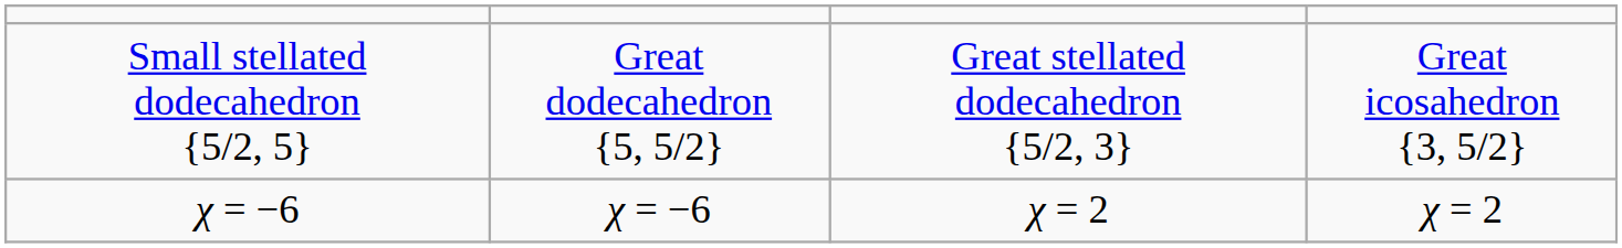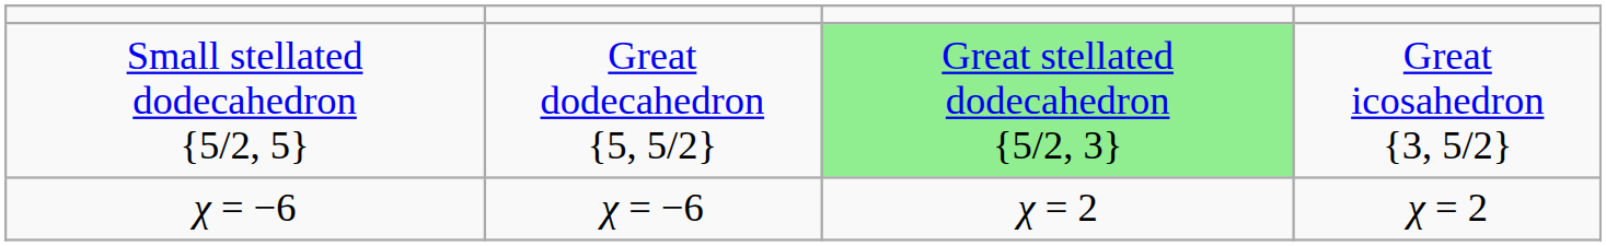 <table class="wikitable" width=640>
 <tr align=center>
 <td></td>
 <td></td>
 <td></td>
 <td></td>
 </tr>
 <tr align=center>
 <td><a href='#'>Small stellated dodecahedron</a><br>{5/2, 5}</td>
 <td><a href='#'>Great dodecahedron</a><br>{5, 5/2}</td>
-<td><a href='#'>Great stellated dodecahedron</a><br>{5/2, 3}</td>
+<td style="background: lightgreen;"><a href='#'>Great stellated dodecahedron</a><br>{5/2, 3}</td>
 <td><a href='#'>Great icosahedron</a><br>{3, 5/2}</td>
 </tr>
 <tr align=center>
 <td><em>χ</em> = −6</td>
 <td><em>χ</em> = −6</td>
 <td><em>χ</em> = 2</td>
 <td><em>χ</em> = 2</td>
 </tr>
 </table>
